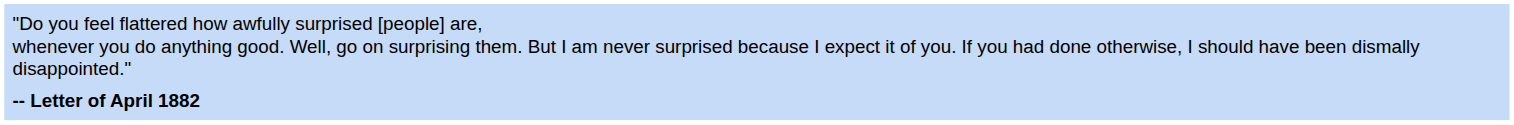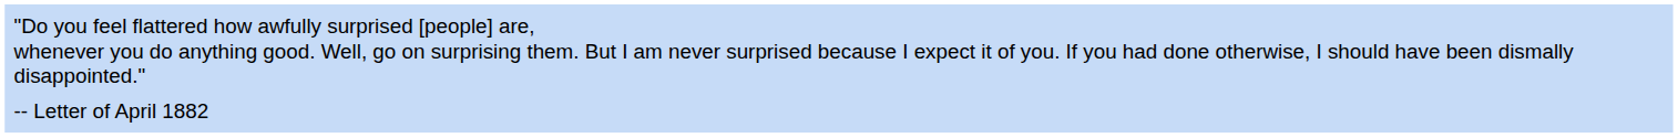 <table class="toccolours" style="float: right; margin-left: 1em; margin-right: 8em; font-size: 80%; background:#c6dbf7; color:black; width:80em; max-width: 80%;" cellspacing="5">
 <tr>
 <td style="text-align: left;">"Do you feel flattered how awfully surprised [people] are,<br>whenever you do anything good. Well, go on surprising them. But I am never surprised because I expect it of you. If you had done otherwise, I should have been dismally disappointed."</td>
 </tr>
 <tr>
-<td style="text-align: left;"><strong>-- Letter of April 1882</strong></td>
+<td style="text-align: left;">-- Letter of April 1882</td>
 </tr>
 </table>
